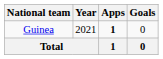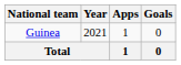 <table class=wikitable style=text-align:center>
 <tr>
 <th>National team</th>
 <th>Year</th>
 <th>Apps</th>
 <th>Goals</th>
 </tr>
 <tr>
 <td rowspan="1"><a href='#'>Guinea</a></td>
 <td>2021</td>
-<td><strong>1</strong></td>
+<td>1</td>
 <td>0</td>
 </tr>
 <tr>
 <th colspan="2">Total</th>
 <th>1</th>
 <th>0</th>
 </tr>
 </table>
